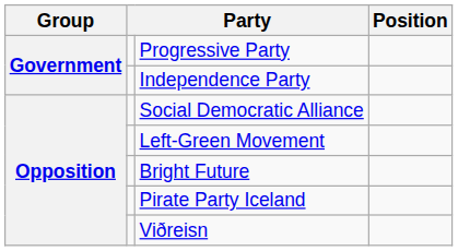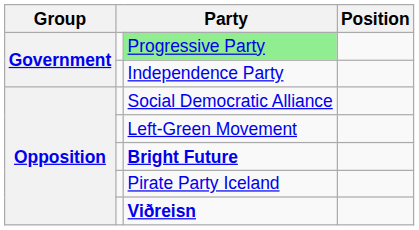 <table class="wikitable" style="font-size: 90%;">
 <tr>
 <th>Group</th>
 <th colspan="2">Party</th>
 <th>Position</th>
 </tr>
 <tr>
 <th rowspan="2" style="vertical-align: center;"><a href='#'>Government</a></th>
 <td></td>
-<td><a href='#'>Progressive Party</a></td>
+<td style="background: lightgreen;"><a href='#'>Progressive Party</a></td>
 <td></td>
 </tr>
 <tr>
 <td></td>
 <td><a href='#'>Independence Party</a></td>
 <td></td>
 </tr>
 <tr>
 <th rowspan="5" style="vertical-align: center;"><a href='#'>Opposition</a></th>
 <td></td>
 <td><a href='#'>Social Democratic Alliance</a></td>
 <td></td>
 </tr>
 <tr>
 <td></td>
 <td><a href='#'>Left-Green Movement</a></td>
 <td></td>
 </tr>
 <tr>
 <td></td>
-<td><a href='#'>Bright Future</a></td>
+<td><strong><a href='#'>Bright Future</a></strong></td>
 <td></td>
 </tr>
 <tr>
 <td></td>
 <td><a href='#'>Pirate Party Iceland</a></td>
 <td></td>
 </tr>
 <tr>
 <td></td>
-<td><a href='#'>Viðreisn</a></td>
+<td><strong><a href='#'>Viðreisn</a></strong></td>
 <td></td>
 </tr>
 </table>
